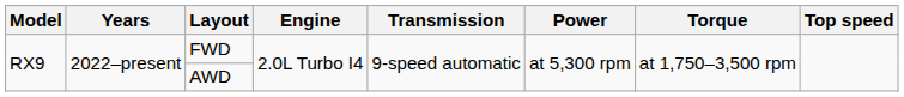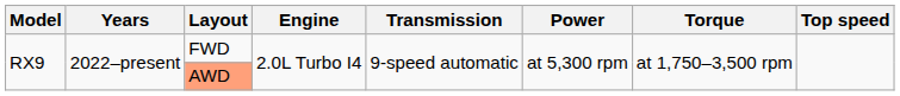 <table class="wikitable sortable collapsible" style="text-align:left; font-size:90%;">
 <tr>
 <th>Model</th>
 <th>Years</th>
 <th>Layout</th>
 <th>Engine</th>
 <th>Transmission</th>
 <th>Power</th>
 <th>Torque</th>
 <th>Top speed</th>
 </tr>
 <tr>
 <td rowspan="2">RX9</td>
 <td rowspan="2">2022–present</td>
 <td>FWD</td>
 <td rowspan="2">2.0L Turbo I4</td>
 <td rowspan="2">9-speed automatic</td>
 <td rowspan="2"> at 5,300 rpm</td>
 <td rowspan="2"> at 1,750–3,500 rpm</td>
 <td rowspan="2"></td>
 </tr>
 <tr>
-<td>AWD</td>
+<td style="background: lightsalmon;">AWD</td>
 </tr>
 </table>
